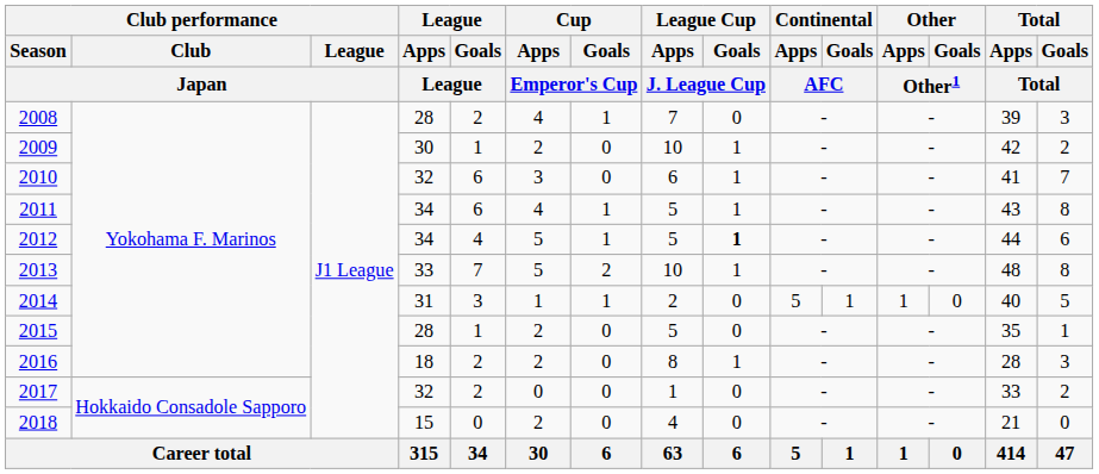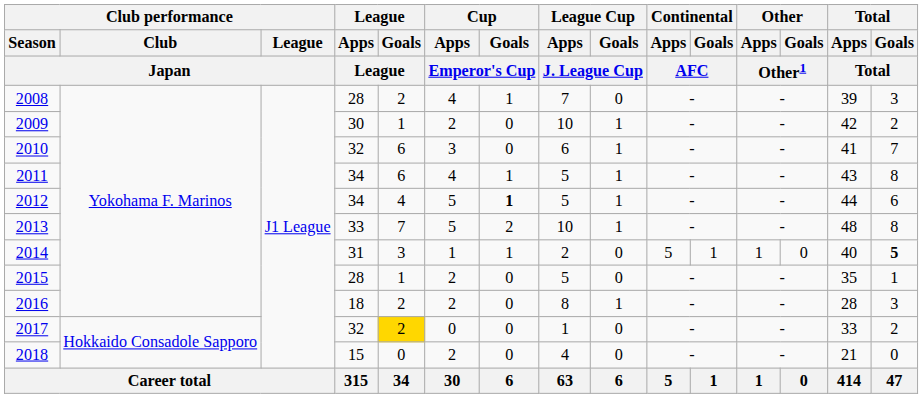 <table class="wikitable" style="text-align:center">
 <tr>
 <th colspan=3>Club performance</th>
 <th colspan=2>League</th>
 <th colspan=2>Cup</th>
 <th colspan=2>League Cup</th>
 <th colspan=2>Continental</th>
 <th colspan=2>Other</th>
 <th colspan=2>Total</th>
 </tr>
 <tr>
 <th>Season</th>
 <th>Club</th>
 <th>League</th>
 <th>Apps</th>
 <th>Goals</th>
 <th>Apps</th>
 <th>Goals</th>
 <th>Apps</th>
 <th>Goals</th>
 <th>Apps</th>
 <th>Goals</th>
 <th>Apps</th>
 <th>Goals</th>
 <th>Apps</th>
 <th>Goals</th>
 </tr>
 <tr>
 <th colspan=3>Japan</th>
 <th colspan=2>League</th>
 <th colspan=2><a href='#'>Emperor's Cup</a></th>
 <th colspan=2><a href='#'>J. League Cup</a></th>
 <th colspan=2><a href='#'>AFC</a></th>
 <th colspan="2">Other<sup><a href='#'>1</a></sup></th>
 <th colspan=2>Total</th>
 </tr>
 <tr>
 <td><a href='#'>2008</a></td>
 <td rowspan="9"><a href='#'>Yokohama F. Marinos</a></td>
 <td rowspan="11"><a href='#'>J1 League</a></td>
 <td>28</td>
 <td>2</td>
 <td>4</td>
 <td>1</td>
 <td>7</td>
 <td>0</td>
 <td colspan="2">-</td>
 <td colspan="2">-</td>
 <td>39</td>
 <td>3</td>
 </tr>
 <tr>
 <td><a href='#'>2009</a></td>
 <td>30</td>
 <td>1</td>
 <td>2</td>
 <td>0</td>
 <td>10</td>
 <td>1</td>
 <td colspan="2">-</td>
 <td colspan="2">-</td>
 <td>42</td>
 <td>2</td>
 </tr>
 <tr>
 <td><a href='#'>2010</a></td>
 <td>32</td>
 <td>6</td>
 <td>3</td>
 <td>0</td>
 <td>6</td>
 <td>1</td>
 <td colspan="2">-</td>
 <td colspan="2">-</td>
 <td>41</td>
 <td>7</td>
 </tr>
 <tr>
 <td><a href='#'>2011</a></td>
 <td>34</td>
 <td>6</td>
 <td>4</td>
 <td>1</td>
 <td>5</td>
 <td>1</td>
 <td colspan="2">-</td>
 <td colspan="2">-</td>
 <td>43</td>
 <td>8</td>
 </tr>
 <tr>
 <td><a href='#'>2012</a></td>
 <td>34</td>
 <td>4</td>
 <td>5</td>
+<td><strong>1</strong></td>
+<td>5</td>
 <td>1</td>
-<td>5</td>
-<td><strong>1</strong></td>
 <td colspan="2">-</td>
 <td colspan="2">-</td>
 <td>44</td>
 <td>6</td>
 </tr>
 <tr>
 <td><a href='#'>2013</a></td>
 <td>33</td>
 <td>7</td>
 <td>5</td>
 <td>2</td>
 <td>10</td>
 <td>1</td>
 <td colspan="2">-</td>
 <td colspan="2">-</td>
 <td>48</td>
 <td>8</td>
 </tr>
 <tr>
 <td><a href='#'>2014</a></td>
 <td>31</td>
 <td>3</td>
 <td>1</td>
 <td>1</td>
 <td>2</td>
 <td>0</td>
 <td>5</td>
 <td>1</td>
 <td>1</td>
 <td>0</td>
 <td>40</td>
-<td>5</td>
+<td><strong>5</strong></td>
 </tr>
 <tr>
 <td><a href='#'>2015</a></td>
 <td>28</td>
 <td>1</td>
 <td>2</td>
 <td>0</td>
 <td>5</td>
 <td>0</td>
 <td colspan="2">-</td>
 <td colspan="2">-</td>
 <td>35</td>
 <td>1</td>
 </tr>
 <tr>
 <td><a href='#'>2016</a></td>
 <td>18</td>
 <td>2</td>
 <td>2</td>
 <td>0</td>
 <td>8</td>
 <td>1</td>
 <td colspan="2">-</td>
 <td colspan="2">-</td>
 <td>28</td>
 <td>3</td>
 </tr>
 <tr>
 <td><a href='#'>2017</a></td>
 <td rowspan="2"><a href='#'>Hokkaido Consadole Sapporo</a></td>
 <td>32</td>
-<td>2</td>
+<td style="background: gold;">2</td>
 <td>0</td>
 <td>0</td>
 <td>1</td>
 <td>0</td>
 <td colspan="2">-</td>
 <td colspan="2">-</td>
 <td>33</td>
 <td>2</td>
 </tr>
 <tr>
 <td><a href='#'>2018</a></td>
 <td>15</td>
 <td>0</td>
 <td>2</td>
 <td>0</td>
 <td>4</td>
 <td>0</td>
 <td colspan="2">-</td>
 <td colspan="2">-</td>
 <td>21</td>
 <td>0</td>
 </tr>
 <tr>
 <th colspan=3>Career total</th>
 <th>315</th>
 <th>34</th>
 <th>30</th>
 <th>6</th>
 <th>63</th>
 <th>6</th>
 <th>5</th>
 <th>1</th>
 <th>1</th>
 <th>0</th>
 <th>414</th>
 <th>47</th>
 </tr>
 </table>
